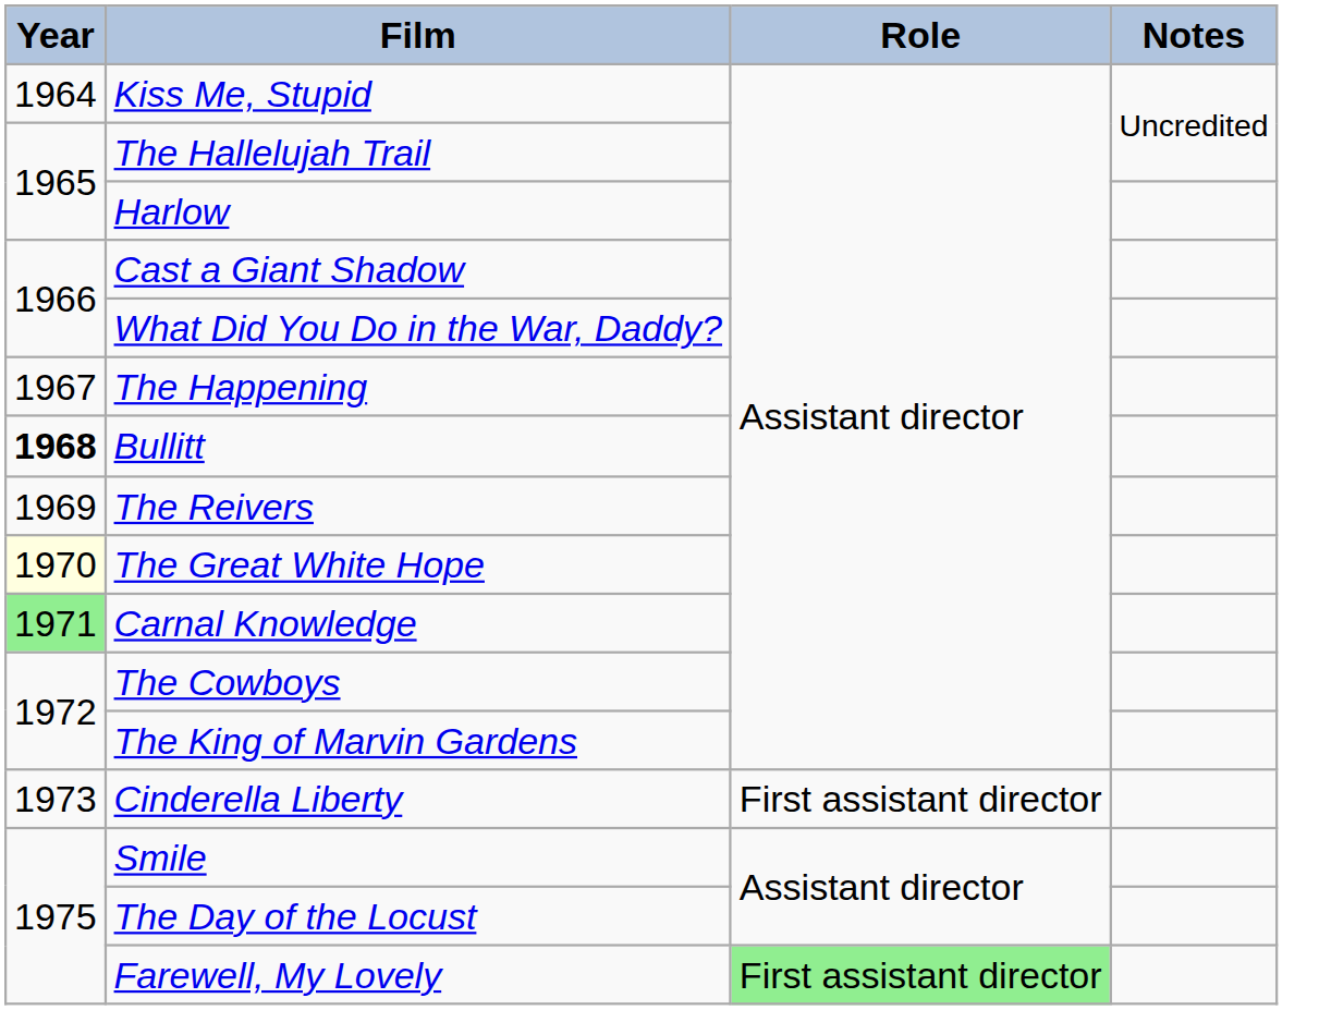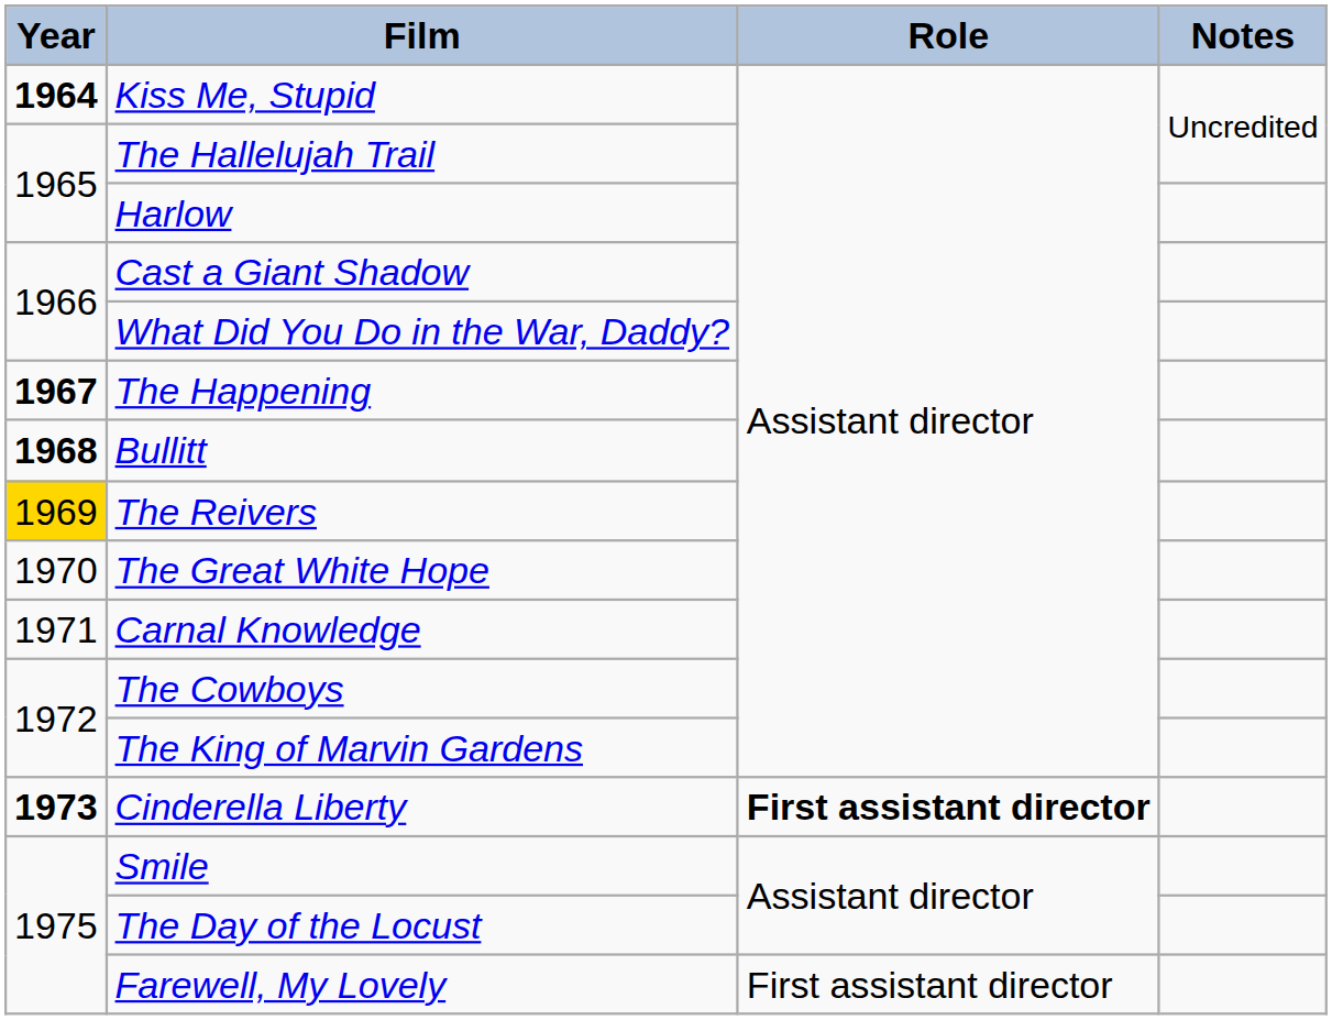 <table class="wikitable" style="font-size:95%;">
 <tr>
 <th style="background:#B0C4DE;">Year</th>
 <th style="background:#B0C4DE;">Film</th>
 <th style="background:#B0C4DE;">Role</th>
 <th style="background:#B0C4DE;">Notes</th>
 </tr>
 <tr>
-<td>1964</td>
+<td><strong>1964</strong></td>
 <td><em><a href='#'>Kiss Me, Stupid</a></em></td>
 <td rowspan=12>Assistant director</td>
 <td rowspan=2 style="text-align:center;"><small>Uncredited</small></td>
 </tr>
 <tr>
 <td rowspan=2>1965</td>
 <td><em><a href='#'>The Hallelujah Trail</a></em></td>
 </tr>
 <tr>
 <td><em><a href='#'>Harlow</a></em></td>
 <td></td>
 </tr>
 <tr>
 <td rowspan=2>1966</td>
 <td><em><a href='#'>Cast a Giant Shadow</a></em></td>
 <td></td>
 </tr>
 <tr>
 <td><em><a href='#'>What Did You Do in the War, Daddy?</a></em></td>
 <td></td>
 </tr>
 <tr>
-<td>1967</td>
+<td><strong>1967</strong></td>
 <td><em><a href='#'>The Happening</a></em></td>
 <td></td>
 </tr>
 <tr>
 <td><strong>1968</strong></td>
 <td><em><a href='#'>Bullitt</a></em></td>
 <td></td>
 </tr>
 <tr>
-<td>1969</td>
+<td style="background: gold;">1969</td>
 <td><em><a href='#'>The Reivers</a></em></td>
 <td></td>
 </tr>
 <tr>
-<td style="background: lightyellow;">1970</td>
+<td>1970</td>
 <td><em><a href='#'>The Great White Hope</a></em></td>
 <td></td>
 </tr>
 <tr>
-<td style="background: lightgreen;">1971</td>
+<td>1971</td>
 <td><em><a href='#'>Carnal Knowledge</a></em></td>
 <td></td>
 </tr>
 <tr>
 <td rowspan=2>1972</td>
 <td><em><a href='#'>The Cowboys</a></em></td>
 <td></td>
 </tr>
 <tr>
 <td><em><a href='#'>The King of Marvin Gardens</a></em></td>
 <td></td>
 </tr>
 <tr>
-<td>1973</td>
+<td><strong>1973</strong></td>
 <td><em><a href='#'>Cinderella Liberty</a></em></td>
-<td>First assistant director</td>
+<td><strong>First assistant director</strong></td>
 <td></td>
 </tr>
 <tr>
 <td rowspan=3>1975</td>
 <td><em><a href='#'>Smile</a></em></td>
 <td rowspan=2>Assistant director</td>
 <td></td>
 </tr>
 <tr>
 <td><em><a href='#'>The Day of the Locust</a></em></td>
 <td></td>
 </tr>
 <tr>
 <td><em><a href='#'>Farewell, My Lovely</a></em></td>
-<td style="background: lightgreen;">First assistant director</td>
+<td>First assistant director</td>
 <td></td>
 </tr>
 </table>
